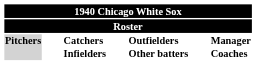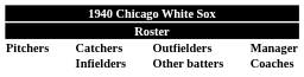 <table class="toccolours" style="font-size: 95%;">
 <tr>
 <th colspan="10" style="background-color: black; color: white; text-align: center;">1940 Chicago White Sox</th>
 </tr>
 <tr>
 <td colspan="10" style="background-color: black; color: white; text-align: center;"><strong>Roster</strong></td>
 </tr>
 <tr>
-<td valign="top" style="background: lightgrey;"><strong>Pitchers</strong><br>           </td>
+<td valign="top"><strong>Pitchers</strong><br>           </td>
 <td width="25px"></td>
 <td valign="top"><strong>Catchers</strong><br>   <strong>Infielders</strong>       </td>
 <td width="25px"></td>
 <td valign="top"><strong>Outfielders</strong><br>    <strong>Other batters</strong> </td>
 <td width="25px"></td>
 <td valign="top"><strong>Manager</strong><br> <strong>Coaches</strong>    </td>
 </tr>
 </table>
